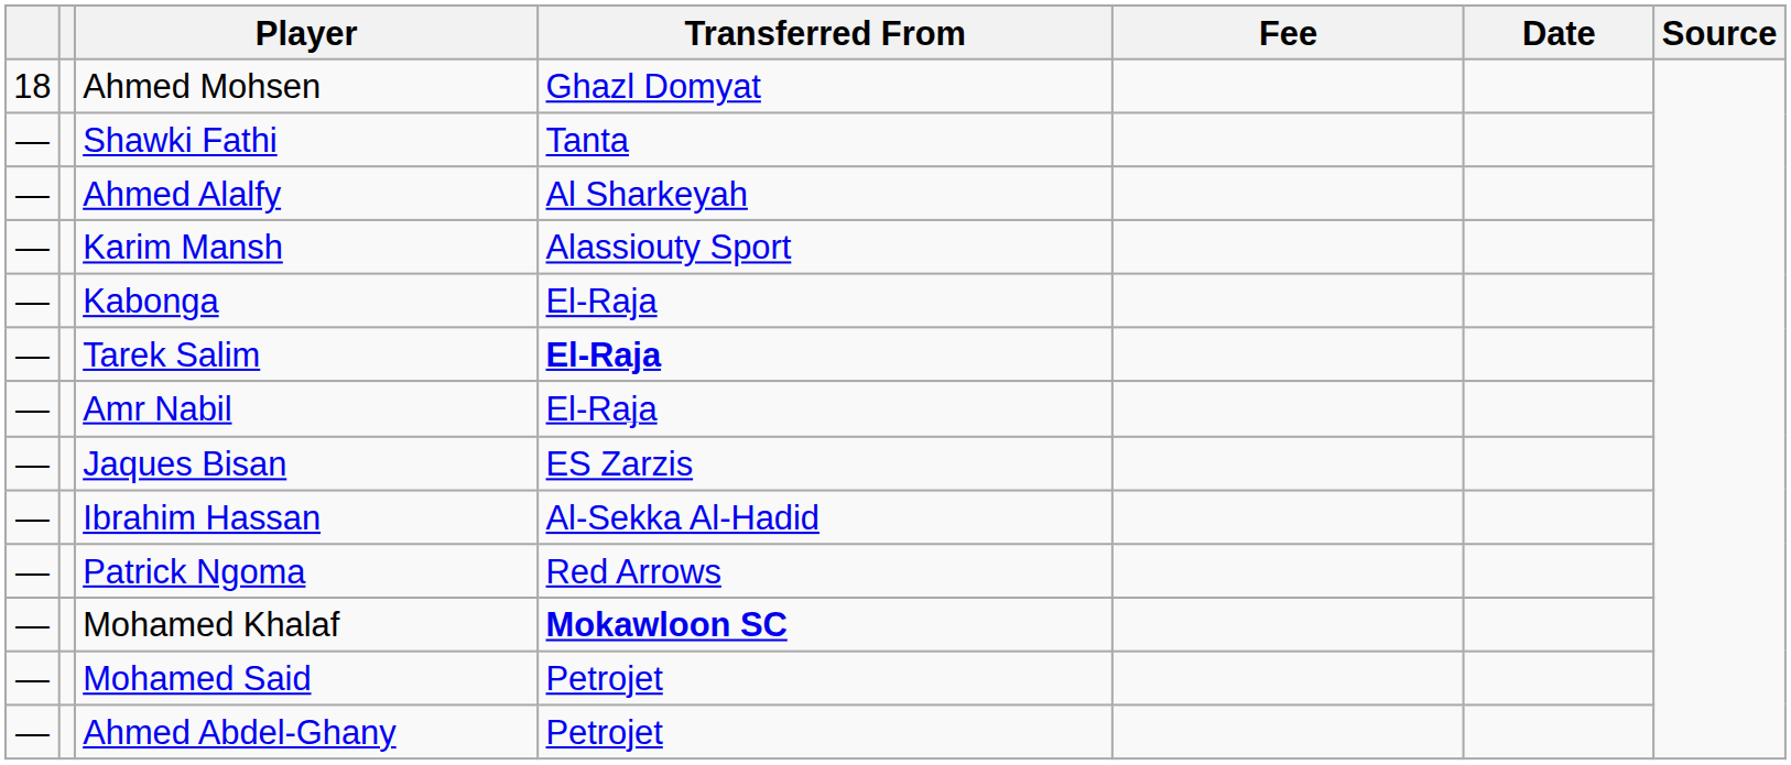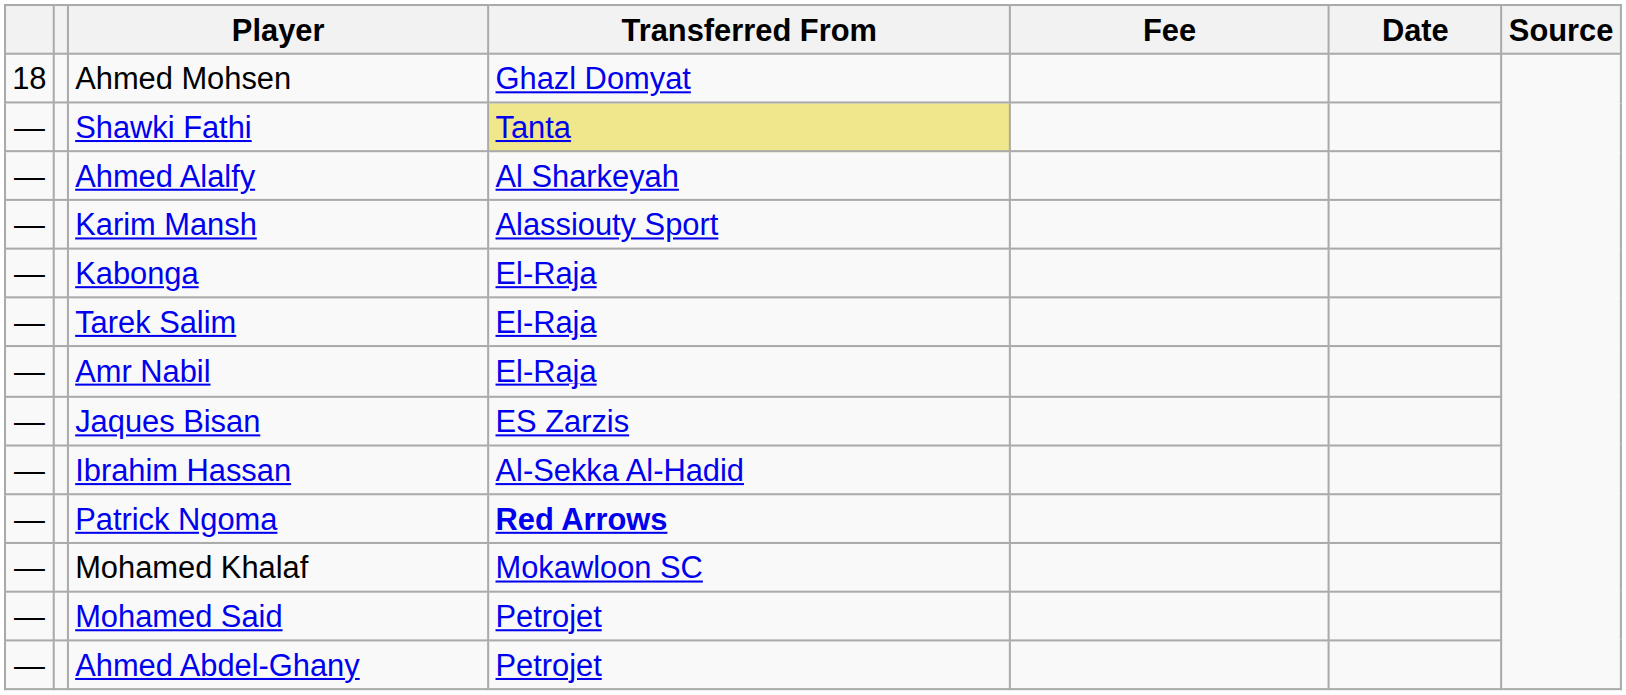 <table class="wikitable plainrowheaders sortable" style="font-size:95%">
 <tr>
 <th></th>
 <th></th>
 <th scope="col" style="width:200px;"><strong>Player</strong></th>
 <th scope="col" style="width:250px;"><strong>Transferred From</strong></th>
 <th scope="col" style="width:150px;"><strong>Fee</strong></th>
 <th scope="col" style="width:78px;"><strong>Date</strong></th>
 <th><strong>Source</strong></th>
 </tr>
 <tr>
 <td align=center>18</td>
 <td align=center></td>
 <td> Ahmed Mohsen</td>
 <td> <a href='#'>Ghazl Domyat</a></td>
 <td align=center></td>
 <td align=center></td>
 </tr>
 <tr>
 <td align=center>—</td>
 <td align=center></td>
 <td> <a href='#'>Shawki Fathi</a></td>
-<td> <a href='#'>Tanta</a></td>
+<td style="background: khaki;"> <a href='#'>Tanta</a></td>
 <td align=center></td>
 <td align=center></td>
 </tr>
 <tr>
 <td align=center>—</td>
 <td align=center></td>
 <td> <a href='#'>Ahmed Alalfy</a></td>
 <td> <a href='#'>Al Sharkeyah</a></td>
 <td align=center></td>
 <td align=center></td>
 </tr>
 <tr>
 <td align=center>—</td>
 <td align=center></td>
 <td> <a href='#'>Karim Mansh</a></td>
 <td> <a href='#'>Alassiouty Sport</a></td>
 <td align=center></td>
 <td align=center></td>
 </tr>
 <tr>
 <td align=center>—</td>
 <td align=center></td>
 <td> <a href='#'>Kabonga</a></td>
 <td> <a href='#'>El-Raja</a></td>
 <td align=center></td>
 <td align=center></td>
 </tr>
 <tr>
 <td align=center>—</td>
 <td align=center></td>
 <td> <a href='#'>Tarek Salim</a></td>
-<td><strong> <a href='#'>El-Raja</a></strong></td>
+<td> <a href='#'>El-Raja</a></td>
 <td align=center></td>
 <td align=center></td>
 </tr>
 <tr>
 <td align=center>—</td>
 <td align=center></td>
 <td> <a href='#'>Amr Nabil</a></td>
 <td> <a href='#'>El-Raja</a></td>
 <td align=center></td>
 <td align=center></td>
 </tr>
 <tr>
 <td align=center>—</td>
 <td align=center></td>
 <td> <a href='#'>Jaques Bisan</a></td>
 <td> <a href='#'>ES Zarzis</a></td>
 <td align=center></td>
 <td align=center></td>
 </tr>
 <tr>
 <td align=center>—</td>
 <td align=center></td>
 <td> <a href='#'>Ibrahim Hassan</a></td>
 <td> <a href='#'>Al-Sekka Al-Hadid</a></td>
 <td align=center></td>
 <td align=center></td>
 </tr>
 <tr>
 <td align=center>—</td>
 <td align=center></td>
 <td> <a href='#'>Patrick Ngoma</a></td>
-<td> <a href='#'>Red Arrows</a></td>
+<td><strong> <a href='#'>Red Arrows</a></strong></td>
 <td align=center></td>
 <td align=center></td>
 </tr>
 <tr>
 <td align=center>—</td>
 <td align=center></td>
 <td> Mohamed Khalaf</td>
-<td><strong> <a href='#'>Mokawloon SC</a></strong></td>
+<td> <a href='#'>Mokawloon SC</a></td>
 <td align=center></td>
 <td align=center></td>
 </tr>
 <tr>
 <td align=center>—</td>
 <td align=center></td>
 <td> <a href='#'>Mohamed Said</a></td>
 <td> <a href='#'>Petrojet</a></td>
 <td align=center></td>
 <td align=center></td>
 </tr>
 <tr>
 <td align=center>—</td>
 <td align=center></td>
 <td> <a href='#'>Ahmed Abdel-Ghany</a></td>
 <td> <a href='#'>Petrojet</a></td>
 <td align=center></td>
 <td align=center></td>
 </tr>
 </table>
